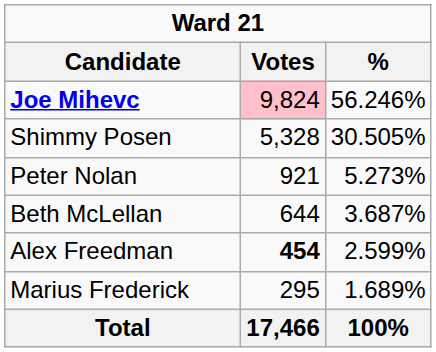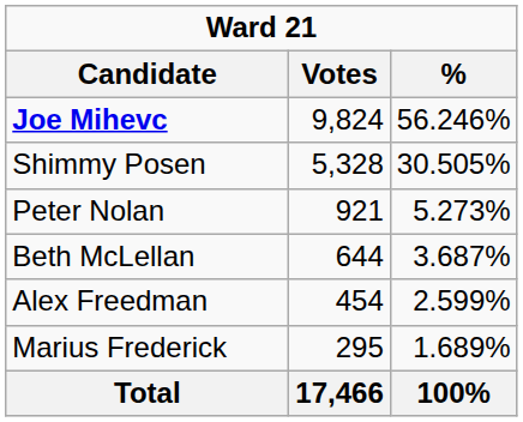 <table class="wikitable">
 <tr>
 <td Colspan="3" align="center"><strong>Ward 21</strong></td>
 </tr>
 <tr>
 <th bgcolor="#DDDDFF" width="150px">Candidate</th>
 <th bgcolor="#DDDDFF">Votes</th>
 <th bgcolor="#DDDDFF">%</th>
 </tr>
 <tr>
 <td><strong><a href='#'>Joe Mihevc</a></strong></td>
-<td align=right style="background: pink;">9,824</td>
+<td align=right>9,824</td>
 <td align=right>56.246%</td>
 </tr>
 <tr>
 <td>Shimmy Posen</td>
 <td align=right>5,328</td>
 <td align=right>30.505%</td>
 </tr>
 <tr>
 <td>Peter Nolan</td>
 <td align=right>921</td>
 <td align=right>5.273%</td>
 </tr>
 <tr>
 <td>Beth McLellan</td>
 <td align=right>644</td>
 <td align=right>3.687%</td>
 </tr>
 <tr>
 <td>Alex Freedman</td>
-<td align=right><strong>454</strong></td>
+<td align=right>454</td>
 <td align=right>2.599%</td>
 </tr>
 <tr>
 <td>Marius Frederick</td>
 <td align=right>295</td>
 <td align=right>1.689%</td>
 </tr>
 <tr>
 <th>Total</th>
 <th align=right>17,466</th>
 <th align=right>100%</th>
 </tr>
 </table>
